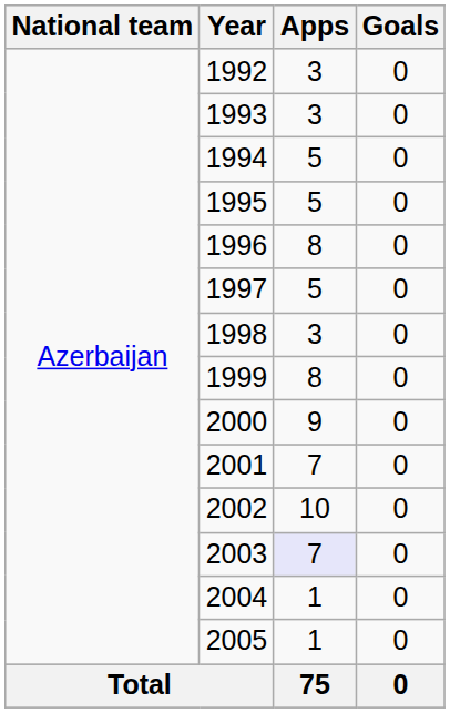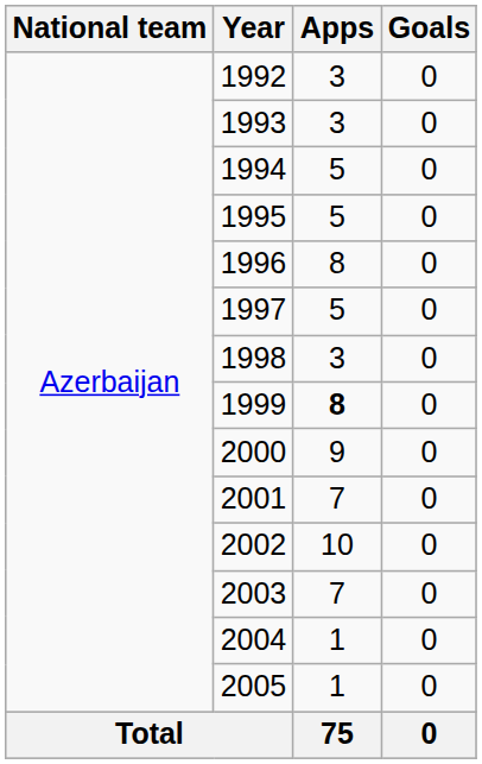 <table class="wikitable" style="text-align: center;">
 <tr>
 <th>National team</th>
 <th>Year</th>
 <th>Apps</th>
 <th>Goals</th>
 </tr>
 <tr>
 <td rowspan="14"><a href='#'>Azerbaijan</a></td>
 <td>1992</td>
 <td>3</td>
 <td>0</td>
 </tr>
 <tr>
 <td>1993</td>
 <td>3</td>
 <td>0</td>
 </tr>
 <tr>
 <td>1994</td>
 <td>5</td>
 <td>0</td>
 </tr>
 <tr>
 <td>1995</td>
 <td>5</td>
 <td>0</td>
 </tr>
 <tr>
 <td>1996</td>
 <td>8</td>
 <td>0</td>
 </tr>
 <tr>
 <td>1997</td>
 <td>5</td>
 <td>0</td>
 </tr>
 <tr>
 <td>1998</td>
 <td>3</td>
 <td>0</td>
 </tr>
 <tr>
 <td>1999</td>
-<td>8</td>
+<td><strong>8</strong></td>
 <td>0</td>
 </tr>
 <tr>
 <td>2000</td>
 <td>9</td>
 <td>0</td>
 </tr>
 <tr>
 <td>2001</td>
 <td>7</td>
 <td>0</td>
 </tr>
 <tr>
 <td>2002</td>
 <td>10</td>
 <td>0</td>
 </tr>
 <tr>
 <td>2003</td>
-<td style="background: lavender;">7</td>
+<td>7</td>
 <td>0</td>
 </tr>
 <tr>
 <td>2004</td>
 <td>1</td>
 <td>0</td>
 </tr>
 <tr>
 <td>2005</td>
 <td>1</td>
 <td>0</td>
 </tr>
 <tr>
 <th colspan="2">Total</th>
 <th>75</th>
 <th>0</th>
 </tr>
 </table>
